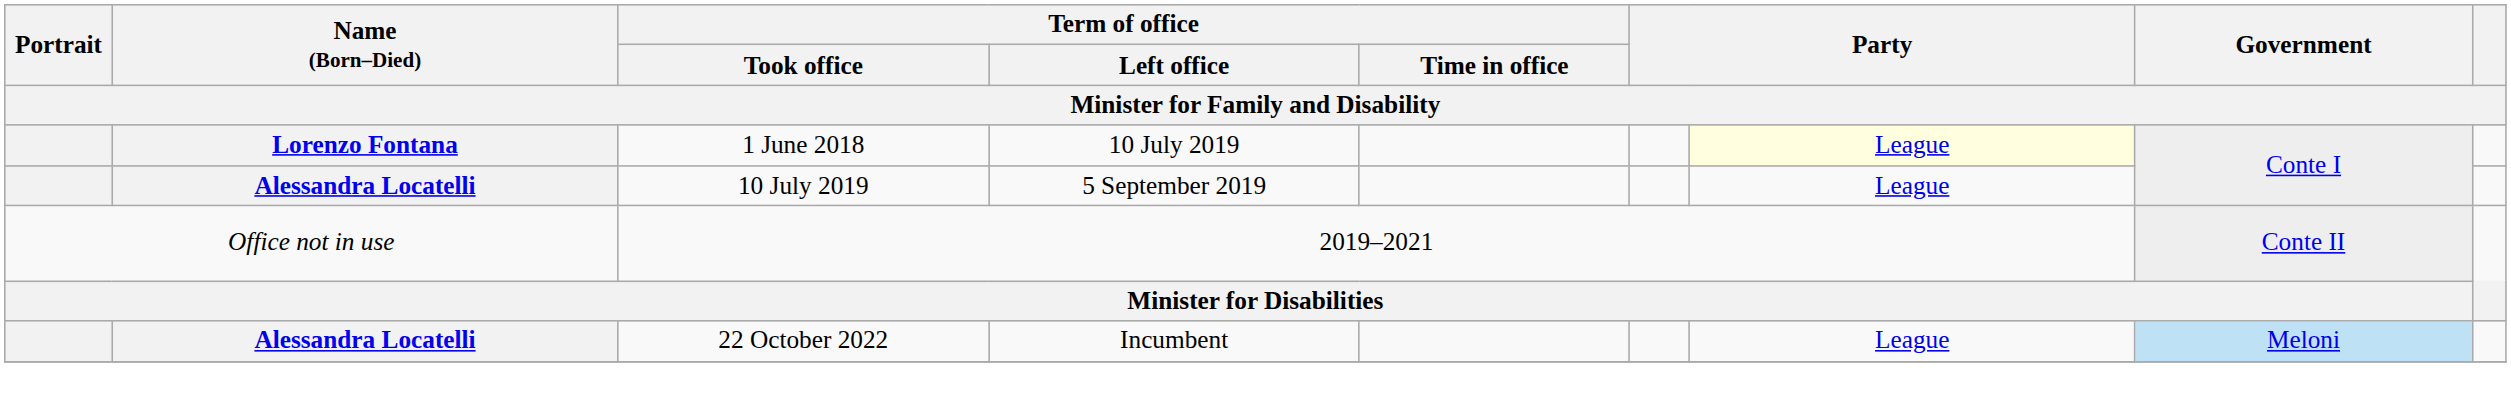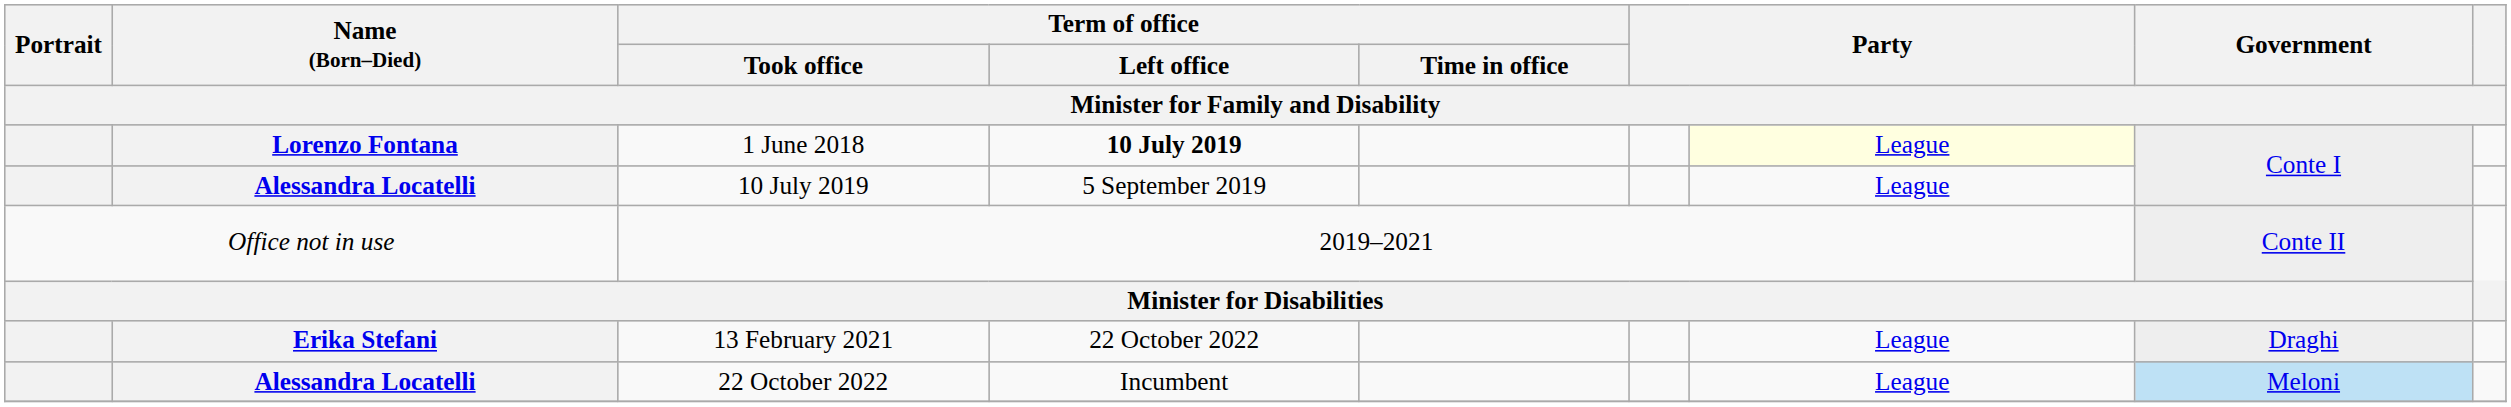 <table class="wikitable" style="text-align:center; style="width=100%">
 <tr>
 <th width=1% rowspan=2>Portrait</th>
 <th width=15% rowspan=2>Name<br><small>(Born–Died)</small></th>
 <th width=30% colspan=3>Term of office</th>
 <th width=15% rowspan=2 colspan=2>Party</th>
 <th width=10% rowspan=2>Government</th>
 <th width=1% rowspan=2></th>
 </tr>
 <tr style="text-align:center;">
 <th width=11%>Took office</th>
 <th width=11%>Left office</th>
 <th width=8%>Time in office</th>
 </tr>
 <tr>
 <th colspan=9>Minister for Family and Disability</th>
 </tr>
 <tr>
 <th></th>
 <th scope="row" style="font-weight:normal"><strong><a href='#'>Lorenzo Fontana</a></strong><br></th>
 <td>1 June 2018</td>
-<td>10 July 2019</td>
+<td><strong>10 July 2019</strong></td>
 <td></td>
 <td></td>
 <td style="background: lightyellow;"><a href='#'>League</a></td>
 <td rowspan=2 bgcolor=#EEEEEE><a href='#'>Conte I</a></td>
 <td></td>
 </tr>
 <tr>
 <th></th>
 <th scope="row" style="font-weight:normal"><strong><a href='#'>Alessandra Locatelli</a></strong><br></th>
 <td>10 July 2019</td>
 <td>5 September 2019</td>
 <td></td>
 <td></td>
 <td><a href='#'>League</a></td>
 <td></td>
 </tr>
 <tr style="height:3em;">
 <td colspan=2><em>Office not in use</em></td>
 <td colspan=5 align="center">2019–2021</td>
 <td bgcolor=#EEEEEE><a href='#'>Conte II</a></td>
 <td rowspan=2></td>
 </tr>
 <tr>
 <th colspan=9>Minister for Disabilities</th>
 </tr>
 <tr>
 <th></th>
+<th scope="row" style="font-weight:normal"><strong><a href='#'>Erika Stefani</a></strong><br></th>
+<td>13 February 2021</td>
+<td>22 October 2022</td>
+<td></td>
+<td></td>
+<td><a href='#'>League</a></td>
+<td bgcolor=#EEEEEE><a href='#'>Draghi</a></td>
+<td></td>
+</tr>
+<tr>
+<th></th>
 <th scope="row" style="font-weight:normal"><strong><a href='#'>Alessandra Locatelli</a></strong><br></th>
 <td>22 October 2022</td>
 <td>Incumbent</td>
 <td></td>
 <td></td>
 <td><a href='#'>League</a></td>
 <td bgcolor=#BEE1F5><a href='#'>Meloni</a></td>
 <td></td>
 </tr>
 <tr>
 </tr>
 </table>
